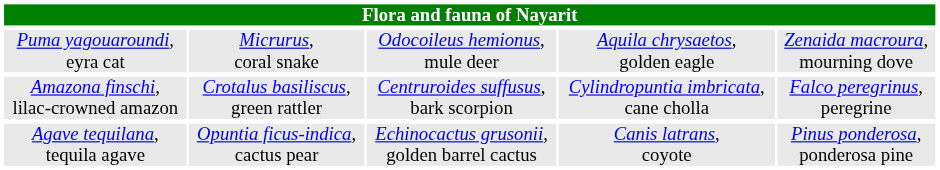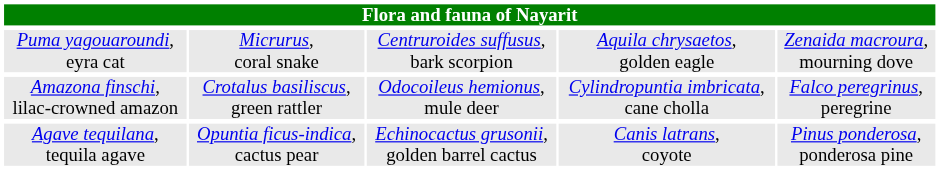 <table class="toc" cellpadding=0 cellspacing=2 width=800px style="float:center; margin: 0.5em 0.5em 0.5em 1em; padding: 0.5e">
 <tr>
 <td colspan=8 style="background:#green; color:white; font-size:100%" align=center bgcolor="green"><strong>Flora and fauna of Nayarit</strong></td>
 </tr>
 <tr>
 <td align=center valign=center bgcolor="white"></td>
 <td align=center valign=center bgcolor="white"></td>
 <td align=center valign=center bgcolor="white"></td>
 <td align=center valign=center bgcolor="white"></td>
 <td align=center valign=center bgcolor="white"></td>
 </tr>
 <tr>
 <td style="background:#e9e9e9;" align=center><em><a href='#'>Puma yagouaroundi</a></em>, <br> eyra cat</td>
 <td style="background:#e9e9e9;" align=center><em><a href='#'>Micrurus</a></em>, <br> coral snake</td>
-<td style="background:#e9e9e9;" align=center><em><a href='#'>Odocoileus hemionus</a></em>,<br> mule deer</td>
+<td style="background:#e9e9e9;" align=center><em><a href='#'>Centruroides suffusus</a></em>, <br> bark scorpion</td>
 <td style="background:#e9e9e9;" align=center><em><a href='#'>Aquila chrysaetos</a></em>, <br>golden eagle</td>
 <td style="background:#e9e9e9;" align=center><em><a href='#'>Zenaida macroura</a></em>, <br>mourning dove</td>
 </tr>
 <tr>
 <td align=center valign=center bgcolor="white"></td>
 <td align=center valign=center bgcolor="white"></td>
 <td align=center valign=center bgcolor="white"></td>
 <td align=center valign=center bgcolor="white"></td>
 <td align=center valign=center bgcolor="white"></td>
 </tr>
 <tr>
 <td style="background:#e9e9e9;" align=center><em><a href='#'>Amazona finschi</a></em>,<br> lilac-crowned amazon</td>
 <td style="background:#e9e9e9;" align=center><em><a href='#'>Crotalus basiliscus</a></em>,<br> green rattler</td>
-<td style="background:#e9e9e9;" align=center><em><a href='#'>Centruroides suffusus</a></em>, <br> bark scorpion</td>
+<td style="background:#e9e9e9;" align=center><em><a href='#'>Odocoileus hemionus</a></em>,<br> mule deer</td>
 <td style="background:#e9e9e9;" align=center><em><a href='#'>Cylindropuntia imbricata</a></em>,<br> cane cholla</td>
 <td style="background:#e9e9e9;" align=center><em><a href='#'>Falco peregrinus</a></em>,<br> peregrine</td>
 </tr>
 <tr>
 <td align=center valign=center bgcolor="white"></td>
 <td align=center valign=center bgcolor="white"></td>
 <td align=center valign=center bgcolor="white"></td>
 <td align=center valign=center bgcolor="white"></td>
 <td align=center valign=center bgcolor="white"></td>
 </tr>
 <tr>
 <td style="background:#e9e9e9;" align=center><em><a href='#'>Agave tequilana</a></em>,<br> tequila agave</td>
 <td style="background:#e9e9e9;" align=center><em><a href='#'>Opuntia ficus-indica</a></em>,<br> cactus pear</td>
 <td style="background:#e9e9e9;" align=center><em><a href='#'>Echinocactus grusonii</a></em>,<br> golden barrel cactus</td>
 <td style="background:#e9e9e9;" align=center><em><a href='#'>Canis latrans</a></em>,<br> coyote</td>
 <td style="background:#e9e9e9;" align=center><em><a href='#'>Pinus ponderosa</a></em>,<br> ponderosa pine</td>
 </tr>
 <tr>
 </tr>
 </table>
